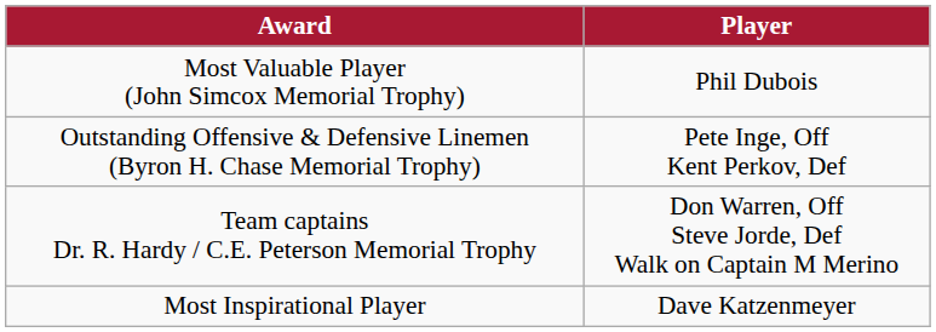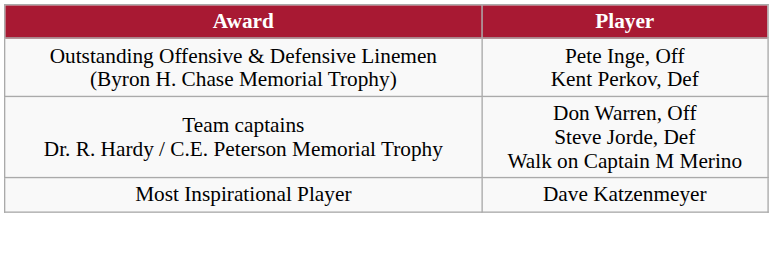 <table class="wikitable" width="65%">
 <tr>
 <th style="background:#A81933;color:#FFFFFF;">Award</th>
 <th style="background:#A81933;color:#FFFFFF;">Player</th>
-</tr>
-<tr align="center" bgcolor="">
-<td>Most Valuable Player<br>(John Simcox Memorial Trophy)</td>
-<td>Phil Dubois</td>
 </tr>
 <tr align="center" bgcolor="">
 <td>Outstanding Offensive & Defensive Linemen<br>(Byron H. Chase Memorial Trophy)</td>
 <td>Pete Inge, Off<br>Kent Perkov, Def</td>
 </tr>
 <tr align="center" bgcolor="">
 <td>Team captains<br>Dr. R. Hardy / C.E. Peterson Memorial Trophy</td>
 <td>Don Warren, Off<br>Steve Jorde, Def<br>Walk on Captain  M Merino</td>
 </tr>
 <tr align="center" bgcolor="">
 <td>Most Inspirational Player</td>
 <td>Dave Katzenmeyer</td>
 </tr>
 </table>
